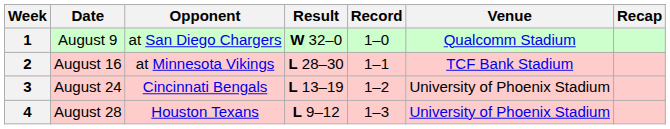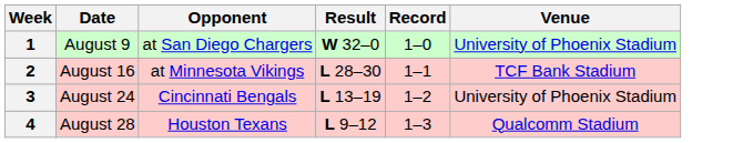 <table class="wikitable" style="text-align:center">
 <tr>
 <th>Week</th>
 <th>Date</th>
 <th>Opponent</th>
 <th>Result</th>
 <th>Record</th>
 <th>Venue</th>
-<th>Recap</th>
 </tr>
 <tr style="background:#cfc; text-align:center;">
 <th>1</th>
 <td>August 9</td>
 <td>at <a href='#'>San Diego Chargers</a></td>
 <td><strong>W</strong> 32–0</td>
 <td>1–0</td>
-<td><a href='#'>Qualcomm Stadium</a></td>
-<td></td>
+<td><a href='#'>University of Phoenix Stadium</a></td>
 </tr>
 <tr style="background:#fcc; text-align:center;">
 <th>2</th>
 <td>August 16</td>
 <td>at <a href='#'>Minnesota Vikings</a></td>
 <td><strong>L</strong> 28–30</td>
 <td>1–1</td>
 <td><a href='#'>TCF Bank Stadium</a></td>
-<td></td>
 </tr>
 <tr style="background:#fcc; text-align:center;">
 <th>3</th>
 <td>August 24</td>
 <td><a href='#'>Cincinnati Bengals</a></td>
 <td><strong>L</strong> 13–19</td>
 <td>1–2</td>
 <td>University of Phoenix Stadium</td>
-<td></td>
 </tr>
 <tr style="background:#fcc; text-align:center;">
 <th>4</th>
 <td>August 28</td>
 <td><a href='#'>Houston Texans</a></td>
 <td><strong>L</strong> 9–12</td>
 <td>1–3</td>
-<td><a href='#'>University of Phoenix Stadium</a></td>
-<td></td>
+<td><a href='#'>Qualcomm Stadium</a></td>
 </tr>
 </table>
